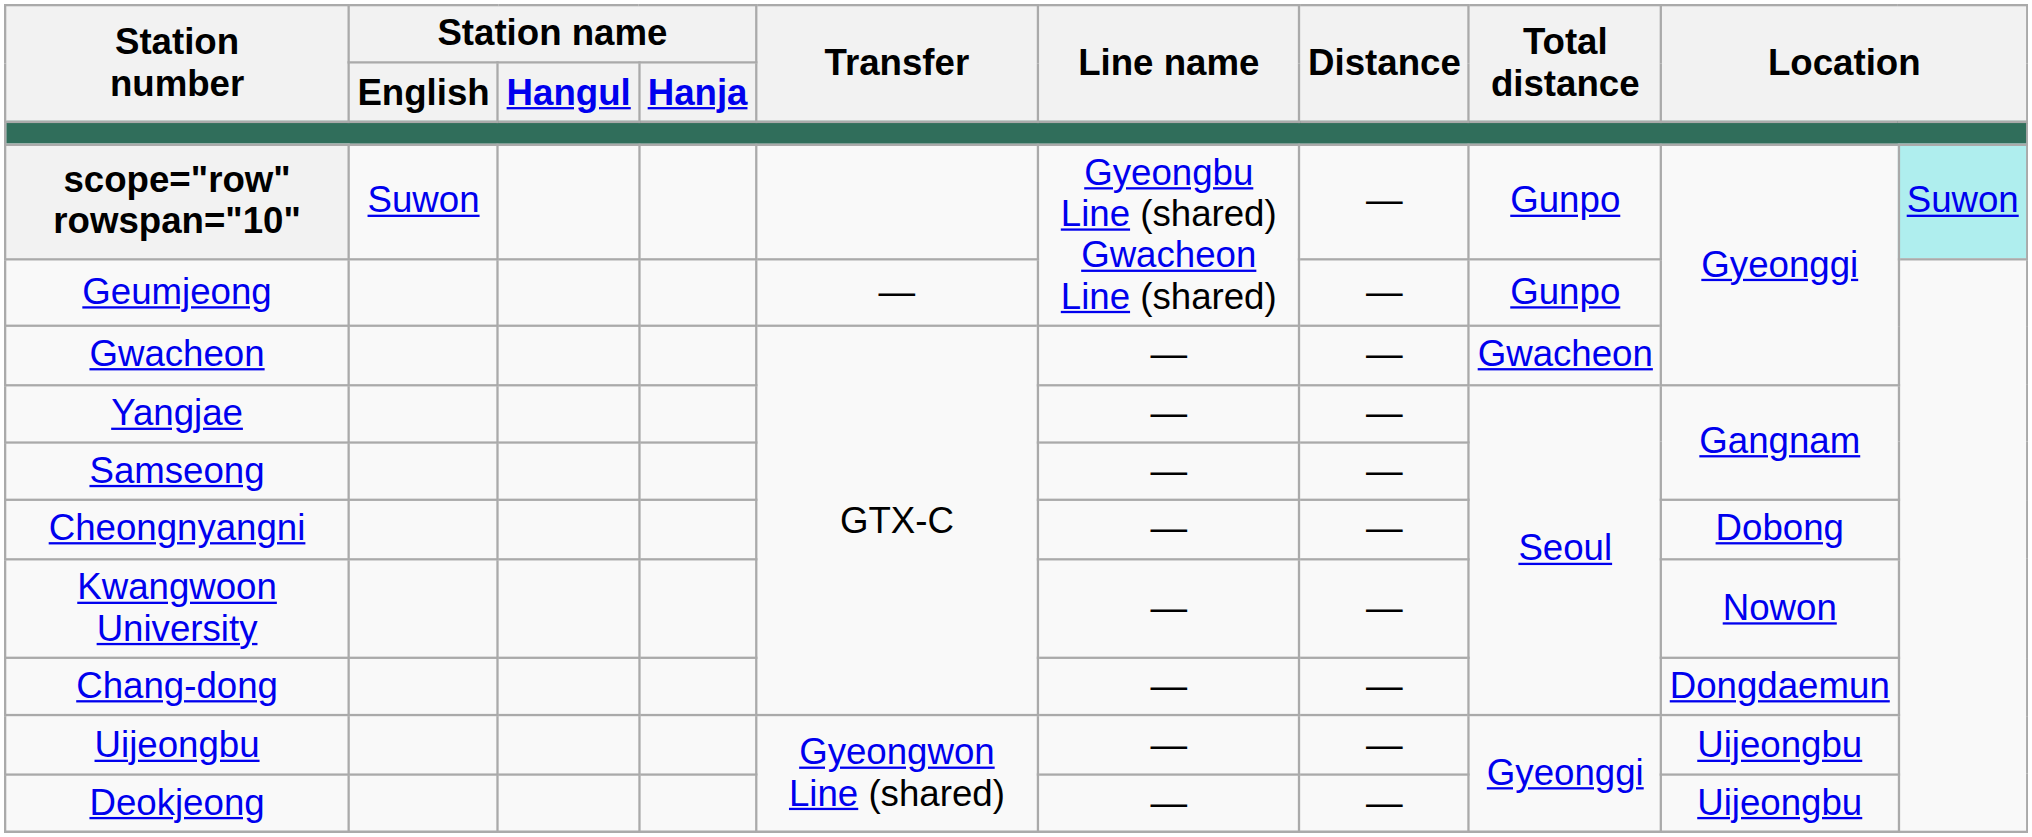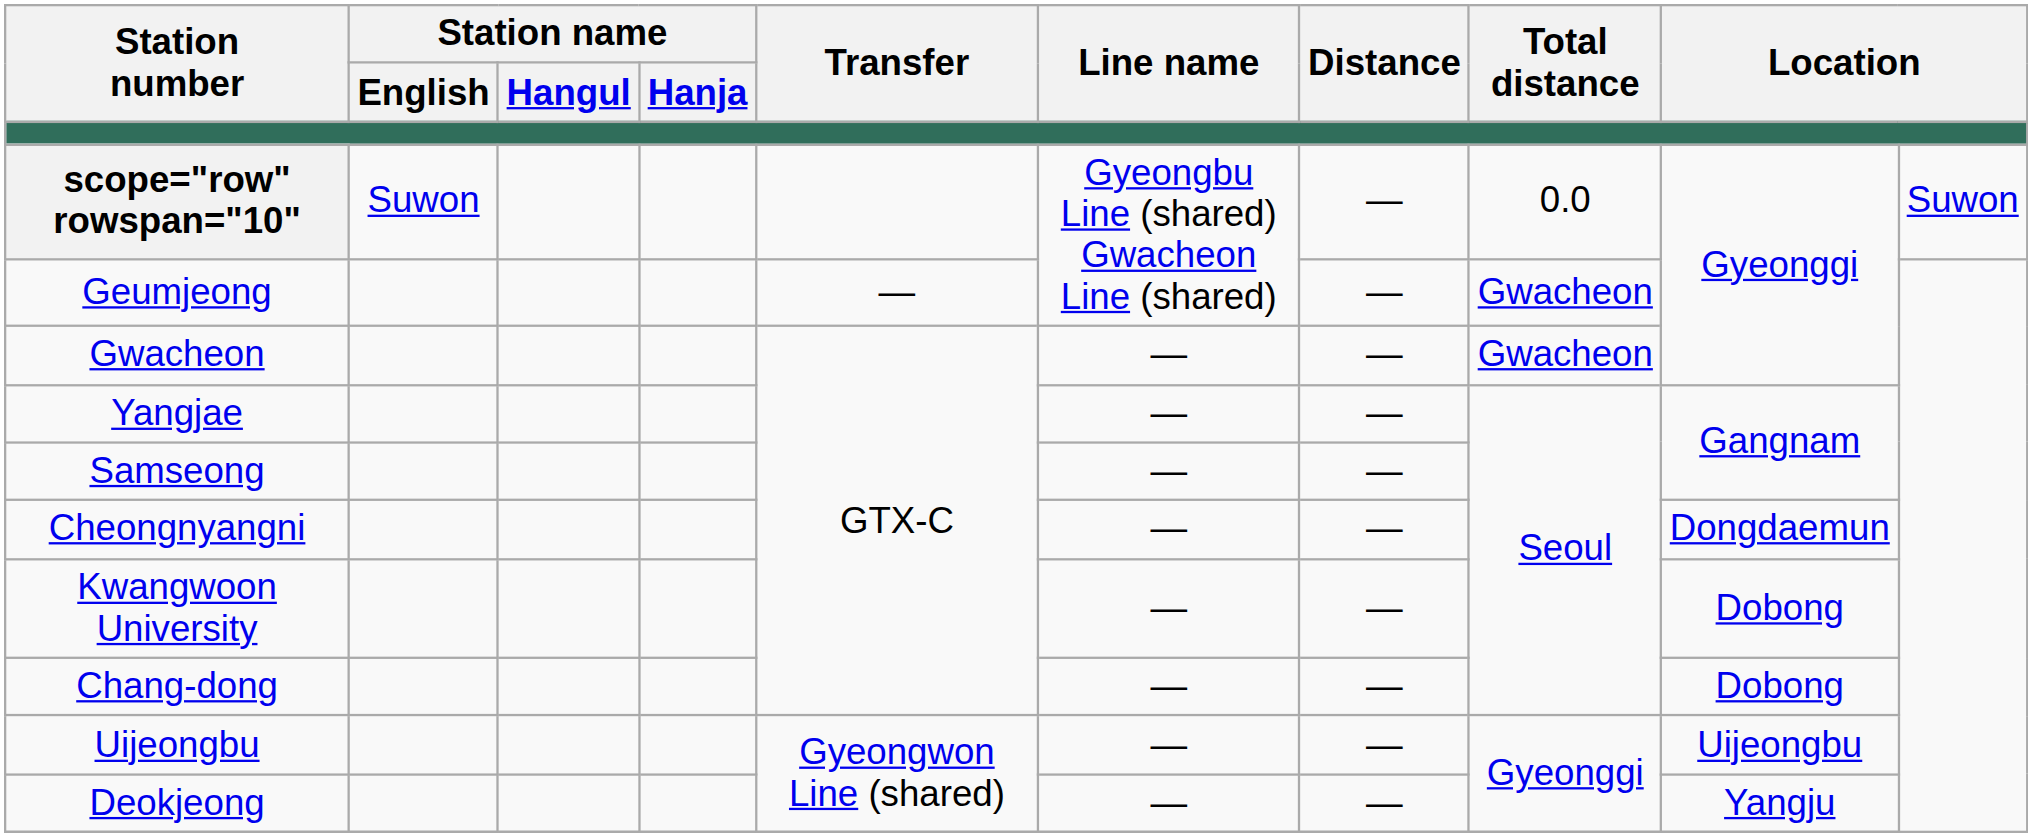 <table class="wikitable plainrowheaders" style="text-align:center; width:100%">
 <tr>
 <th rowspan="2">Station<br>number</th>
 <th colspan="3">Station name</th>
 <th rowspan="2">Transfer</th>
 <th rowspan="2">Line name</th>
 <th rowspan="2">Distance</th>
 <th rowspan="2">Total<br>distance</th>
 <th rowspan="2" colspan="2">Location</th>
 </tr>
 <tr>
 <th>English</th>
 <th><a href='#'>Hangul</a></th>
 <th><a href='#'>Hanja</a></th>
 </tr>
 <tr>
 <td colspan="10" style="background:#306E5B; height:2pt"></td>
 </tr>
 <tr>
 <th>scope="row" rowspan="10" </th>
 <td><a href='#'>Suwon</a></td>
 <td></td>
 <td></td>
 <td style="text-align:left"></td>
 <td rowspan="2"><a href='#'>Gyeongbu Line</a> (shared)<br><a href='#'>Gwacheon Line</a> (shared)</td>
 <td>—</td>
-<td><a href='#'>Gunpo</a></td>
+<td>0.0</td>
 <td rowspan="3"><a href='#'>Gyeonggi</a></td>
-<td style="background: paleturquoise;"><a href='#'>Suwon</a></td>
+<td><a href='#'>Suwon</a></td>
 </tr>
 <tr>
 <td><a href='#'>Geumjeong</a></td>
 <td></td>
 <td></td>
 <td style="text-align:left"></td>
 <td>—</td>
 <td>—</td>
-<td><a href='#'>Gunpo</a></td>
+<td><a href='#'>Gwacheon</a></td>
 </tr>
 <tr>
 <td><a href='#'>Gwacheon</a></td>
 <td></td>
 <td></td>
 <td style="text-align:left"></td>
 <td rowspan="6">GTX-C</td>
 <td>—</td>
 <td>—</td>
 <td><a href='#'>Gwacheon</a></td>
 </tr>
 <tr>
 <td><a href='#'>Yangjae</a></td>
 <td></td>
 <td></td>
 <td style="text-align:left"></td>
 <td>—</td>
 <td>—</td>
 <td rowspan="5"><a href='#'>Seoul</a></td>
 <td rowspan="2"><a href='#'>Gangnam</a></td>
 </tr>
 <tr>
 <td><a href='#'>Samseong</a></td>
 <td></td>
 <td></td>
 <td style="text-align:left"></td>
 <td>—</td>
 <td>—</td>
 </tr>
 <tr>
 <td><a href='#'>Cheongnyangni</a></td>
 <td></td>
 <td></td>
 <td style="text-align:left"></td>
 <td>—</td>
 <td>—</td>
-<td><a href='#'>Dobong</a></td>
+<td><a href='#'>Dongdaemun</a></td>
 </tr>
 <tr>
 <td><a href='#'>Kwangwoon University</a></td>
 <td></td>
 <td></td>
 <td style="text-align:left"></td>
 <td>—</td>
 <td>—</td>
-<td><a href='#'>Nowon</a></td>
+<td><a href='#'>Dobong</a></td>
 </tr>
 <tr>
 <td><a href='#'>Chang-dong</a></td>
 <td></td>
 <td></td>
 <td style="text-align:left"></td>
 <td>—</td>
 <td>—</td>
-<td><a href='#'>Dongdaemun</a></td>
+<td><a href='#'>Dobong</a></td>
 </tr>
 <tr>
 <td><a href='#'>Uijeongbu</a></td>
 <td></td>
 <td></td>
 <td style="text-align:left"></td>
 <td rowspan="2"><a href='#'>Gyeongwon Line</a> (shared)<br></td>
 <td>—</td>
 <td>—</td>
 <td rowspan="2"><a href='#'>Gyeonggi</a></td>
 <td><a href='#'>Uijeongbu</a></td>
 </tr>
 <tr>
 <td><a href='#'>Deokjeong</a></td>
 <td></td>
 <td></td>
 <td style="text-align:left"></td>
 <td>—</td>
 <td>—</td>
-<td><a href='#'>Uijeongbu</a></td>
+<td><a href='#'>Yangju</a></td>
 </tr>
 <tr>
 </tr>
 </table>
